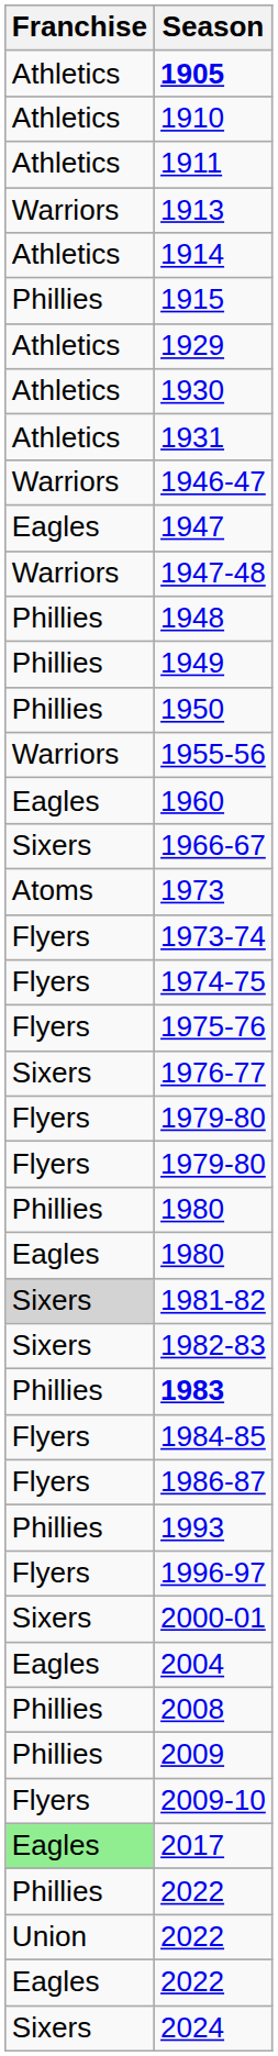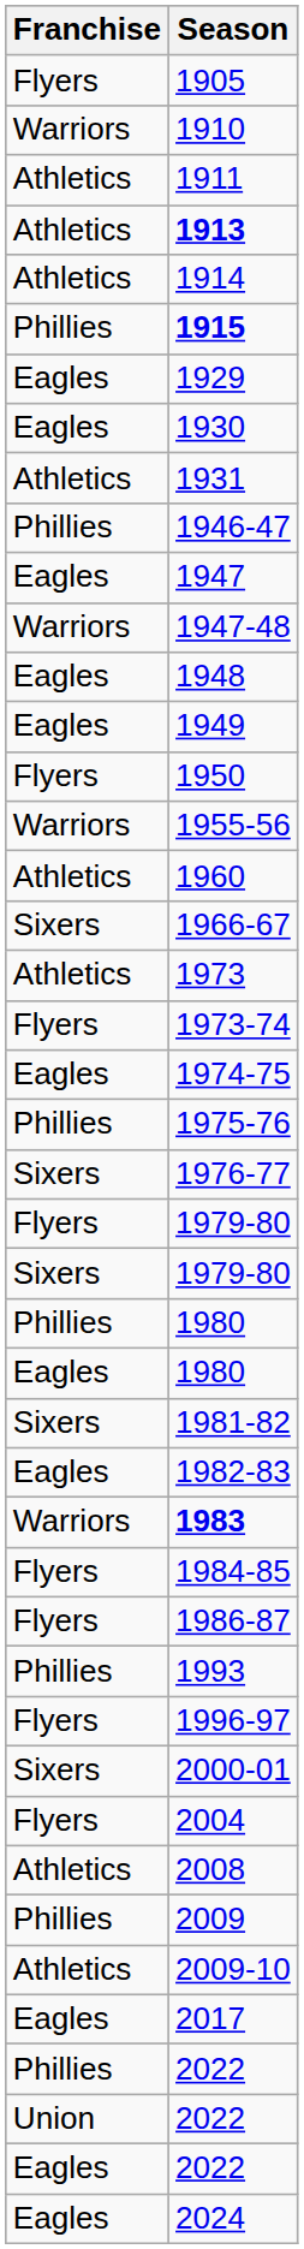 <table class="wikitable mw-collapsible mw-collapsed">
 <tr>
 <th scope="col">Franchise</th>
 <th scope="col">Season</th>
 </tr>
 <tr>
-<td>Athletics</td>
-<td><strong><a href='#'>1905</a></strong></td>
+<td>Flyers</td>
+<td><a href='#'>1905</a></td>
 </tr>
 <tr>
-<td>Athletics</td>
+<td>Warriors</td>
 <td><a href='#'>1910</a></td>
 </tr>
 <tr>
 <td>Athletics</td>
 <td><a href='#'>1911</a></td>
 </tr>
 <tr>
-<td>Warriors</td>
-<td><a href='#'>1913</a></td>
+<td>Athletics</td>
+<td><strong><a href='#'>1913</a></strong></td>
 </tr>
 <tr>
 <td>Athletics</td>
 <td><a href='#'>1914</a></td>
 </tr>
 <tr>
 <td>Phillies</td>
-<td><a href='#'>1915</a></td>
+<td><strong><a href='#'>1915</a></strong></td>
 </tr>
 <tr>
-<td>Athletics</td>
+<td>Eagles</td>
 <td><a href='#'>1929</a></td>
 </tr>
 <tr>
-<td>Athletics</td>
+<td>Eagles</td>
 <td><a href='#'>1930</a></td>
 </tr>
 <tr>
 <td>Athletics</td>
 <td><a href='#'>1931</a></td>
 </tr>
 <tr>
-<td>Warriors</td>
+<td>Phillies</td>
 <td><a href='#'>1946-47</a></td>
 </tr>
 <tr>
 <td>Eagles</td>
 <td><a href='#'>1947</a></td>
 </tr>
 <tr>
 <td>Warriors</td>
 <td><a href='#'>1947-48</a></td>
 </tr>
 <tr>
-<td>Phillies</td>
+<td>Eagles</td>
 <td><a href='#'>1948</a></td>
 </tr>
 <tr>
-<td>Phillies</td>
+<td>Eagles</td>
 <td><a href='#'>1949</a></td>
 </tr>
 <tr>
-<td>Phillies</td>
+<td>Flyers</td>
 <td><a href='#'>1950</a></td>
 </tr>
 <tr>
 <td>Warriors</td>
 <td><a href='#'>1955-56</a></td>
 </tr>
 <tr>
-<td>Eagles</td>
+<td>Athletics</td>
 <td><a href='#'>1960</a></td>
 </tr>
 <tr>
 <td>Sixers</td>
 <td><a href='#'>1966-67</a></td>
 </tr>
 <tr>
-<td>Atoms</td>
+<td>Athletics</td>
 <td><a href='#'>1973</a></td>
 </tr>
 <tr>
 <td>Flyers</td>
 <td><a href='#'>1973-74</a></td>
 </tr>
 <tr>
-<td>Flyers</td>
+<td>Eagles</td>
 <td><a href='#'>1974-75</a></td>
 </tr>
 <tr>
-<td>Flyers</td>
+<td>Phillies</td>
 <td><a href='#'>1975-76</a></td>
 </tr>
 <tr>
 <td>Sixers</td>
 <td><a href='#'>1976-77</a></td>
 </tr>
 <tr>
 <td>Flyers</td>
 <td><a href='#'>1979-80</a></td>
 </tr>
 <tr>
-<td>Flyers</td>
+<td>Sixers</td>
 <td><a href='#'>1979-80</a></td>
 </tr>
 <tr>
 <td>Phillies</td>
 <td><a href='#'>1980</a></td>
 </tr>
 <tr>
 <td>Eagles</td>
 <td><a href='#'>1980</a></td>
 </tr>
 <tr>
-<td style="background: lightgrey;">Sixers</td>
+<td>Sixers</td>
 <td><a href='#'>1981-82</a></td>
 </tr>
 <tr>
-<td>Sixers</td>
+<td>Eagles</td>
 <td><a href='#'>1982-83</a></td>
 </tr>
 <tr>
-<td>Phillies</td>
+<td>Warriors</td>
 <td><strong><a href='#'>1983</a></strong></td>
 </tr>
 <tr>
 <td>Flyers</td>
 <td><a href='#'>1984-85</a></td>
 </tr>
 <tr>
 <td>Flyers</td>
 <td><a href='#'>1986-87</a></td>
 </tr>
 <tr>
 <td>Phillies</td>
 <td><a href='#'>1993</a></td>
 </tr>
 <tr>
 <td>Flyers</td>
 <td><a href='#'>1996-97</a></td>
 </tr>
 <tr>
 <td>Sixers</td>
 <td><a href='#'>2000-01</a></td>
 </tr>
 <tr>
-<td>Eagles</td>
+<td>Flyers</td>
 <td><a href='#'>2004</a></td>
 </tr>
 <tr>
-<td>Phillies</td>
+<td>Athletics</td>
 <td><a href='#'>2008</a></td>
 </tr>
 <tr>
 <td>Phillies</td>
 <td><a href='#'>2009</a></td>
 </tr>
 <tr>
-<td>Flyers</td>
+<td>Athletics</td>
 <td><a href='#'>2009-10</a></td>
 </tr>
 <tr>
-<td style="background: lightgreen;">Eagles</td>
+<td>Eagles</td>
 <td><a href='#'>2017</a></td>
 </tr>
 <tr>
 <td>Phillies</td>
 <td><a href='#'>2022</a></td>
 </tr>
 <tr>
 <td>Union</td>
 <td><a href='#'>2022</a></td>
 </tr>
 <tr>
 <td>Eagles</td>
 <td><a href='#'>2022</a></td>
 </tr>
 <tr>
-<td>Sixers</td>
+<td>Eagles</td>
 <td><a href='#'>2024</a></td>
 </tr>
 </table>
